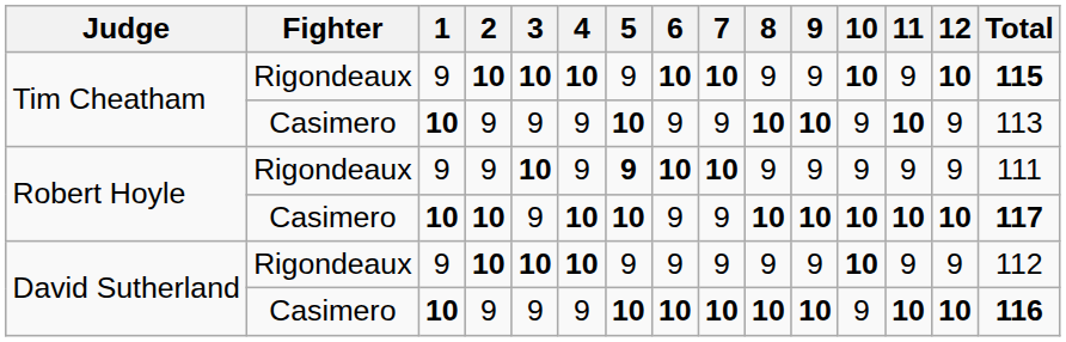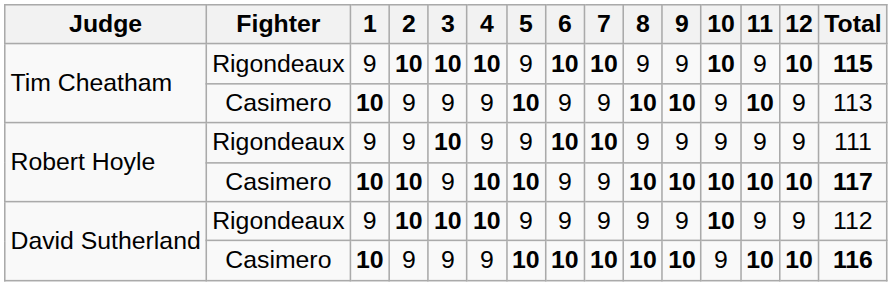 <table class="wikitable" style="text-align:center">
 <tr>
 <th align="left">Judge</th>
 <th>Fighter</th>
 <th> 1 </th>
 <th> 2 </th>
 <th> 3 </th>
 <th> 4 </th>
 <th> 5 </th>
 <th> 6 </th>
 <th> 7 </th>
 <th> 8 </th>
 <th> 9 </th>
 <th>10</th>
 <th>11</th>
 <th>12</th>
 <th>Total</th>
 </tr>
 <tr>
 <td rowspan="2" style="text-align:left;">Tim Cheatham</td>
 <td>Rigondeaux</td>
 <td>9</td>
 <td><strong>10</strong></td>
 <td><strong>10</strong></td>
 <td><strong>10</strong></td>
 <td>9</td>
 <td><strong>10</strong></td>
 <td><strong>10</strong></td>
 <td>9</td>
 <td>9</td>
 <td><strong>10</strong></td>
 <td>9</td>
 <td><strong>10</strong></td>
 <td><strong>115</strong></td>
 </tr>
 <tr>
 <td>Casimero</td>
 <td><strong>10</strong></td>
 <td>9</td>
 <td>9</td>
 <td>9</td>
 <td><strong>10</strong></td>
 <td>9</td>
 <td>9</td>
 <td><strong>10</strong></td>
 <td><strong>10</strong></td>
 <td>9</td>
 <td><strong>10</strong></td>
 <td>9</td>
 <td>113</td>
 </tr>
 <tr>
 <td rowspan="2" style="text-align:left;">Robert Hoyle</td>
 <td>Rigondeaux</td>
 <td>9</td>
 <td>9</td>
 <td><strong>10</strong></td>
 <td>9</td>
-<td><strong>9</strong></td>
+<td>9</td>
 <td><strong>10</strong></td>
 <td><strong>10</strong></td>
 <td>9</td>
 <td>9</td>
 <td>9</td>
 <td>9</td>
 <td>9</td>
 <td>111</td>
 </tr>
 <tr>
 <td>Casimero</td>
 <td><strong>10</strong></td>
 <td><strong>10</strong></td>
 <td>9</td>
 <td><strong>10</strong></td>
 <td><strong>10</strong></td>
 <td>9</td>
 <td>9</td>
 <td><strong>10</strong></td>
 <td><strong>10</strong></td>
 <td><strong>10</strong></td>
 <td><strong>10</strong></td>
 <td><strong>10</strong></td>
 <td><strong>117</strong></td>
 </tr>
 <tr>
 <td rowspan="2" style="text-align:left;">David Sutherland</td>
 <td>Rigondeaux</td>
 <td>9</td>
 <td><strong>10</strong></td>
 <td><strong>10</strong></td>
 <td><strong>10</strong></td>
 <td>9</td>
 <td>9</td>
 <td>9</td>
 <td>9</td>
 <td>9</td>
 <td><strong>10</strong></td>
 <td>9</td>
 <td>9</td>
 <td>112</td>
 </tr>
 <tr>
 <td>Casimero</td>
 <td><strong>10</strong></td>
 <td>9</td>
 <td>9</td>
 <td>9</td>
 <td><strong>10</strong></td>
 <td><strong>10</strong></td>
 <td><strong>10</strong></td>
 <td><strong>10</strong></td>
 <td><strong>10</strong></td>
 <td>9</td>
 <td><strong>10</strong></td>
 <td><strong>10</strong></td>
 <td><strong>116</strong></td>
 </tr>
 </table>
